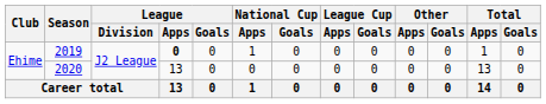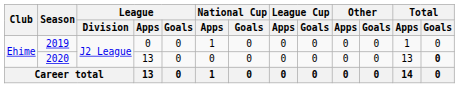 <table class="wikitable" style="text-align: center">
 <tr>
 <th rowspan="2">Club</th>
 <th rowspan="2">Season</th>
 <th colspan="3">League</th>
 <th colspan="2">National Cup</th>
 <th colspan="2">League Cup</th>
 <th colspan="2">Other</th>
 <th colspan="2">Total</th>
 </tr>
 <tr>
 <th>Division</th>
 <th>Apps</th>
 <th>Goals</th>
 <th>Apps</th>
 <th>Goals</th>
 <th>Apps</th>
 <th>Goals</th>
 <th>Apps</th>
 <th>Goals</th>
 <th>Apps</th>
 <th>Goals</th>
 </tr>
 <tr>
 <td rowspan="2"><a href='#'>Ehime</a></td>
 <td><a href='#'>2019</a></td>
 <td rowspan="2"><a href='#'>J2 League</a></td>
-<td><strong>0</strong></td>
+<td>0</td>
 <td>0</td>
 <td>1</td>
 <td>0</td>
 <td>0</td>
 <td>0</td>
 <td>0</td>
 <td>0</td>
 <td>1</td>
 <td>0</td>
 </tr>
 <tr>
 <td><a href='#'>2020</a></td>
 <td>13</td>
 <td>0</td>
 <td>0</td>
 <td>0</td>
 <td>0</td>
 <td>0</td>
 <td>0</td>
 <td>0</td>
 <td>13</td>
-<td>0</td>
+<td><strong>0</strong></td>
 </tr>
 <tr>
 <th colspan=3>Career total</th>
 <th>13</th>
 <th>0</th>
 <th>1</th>
 <th>0</th>
 <th>0</th>
 <th>0</th>
 <th>0</th>
 <th>0</th>
 <th>14</th>
 <th>0</th>
 </tr>
 </table>
